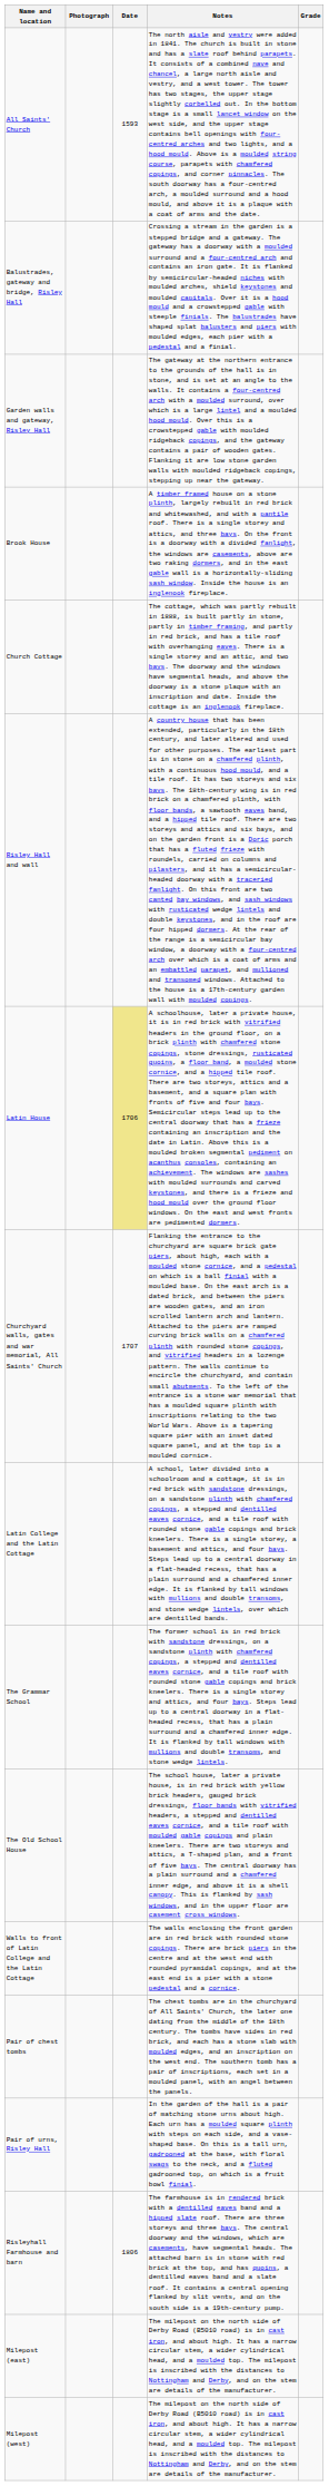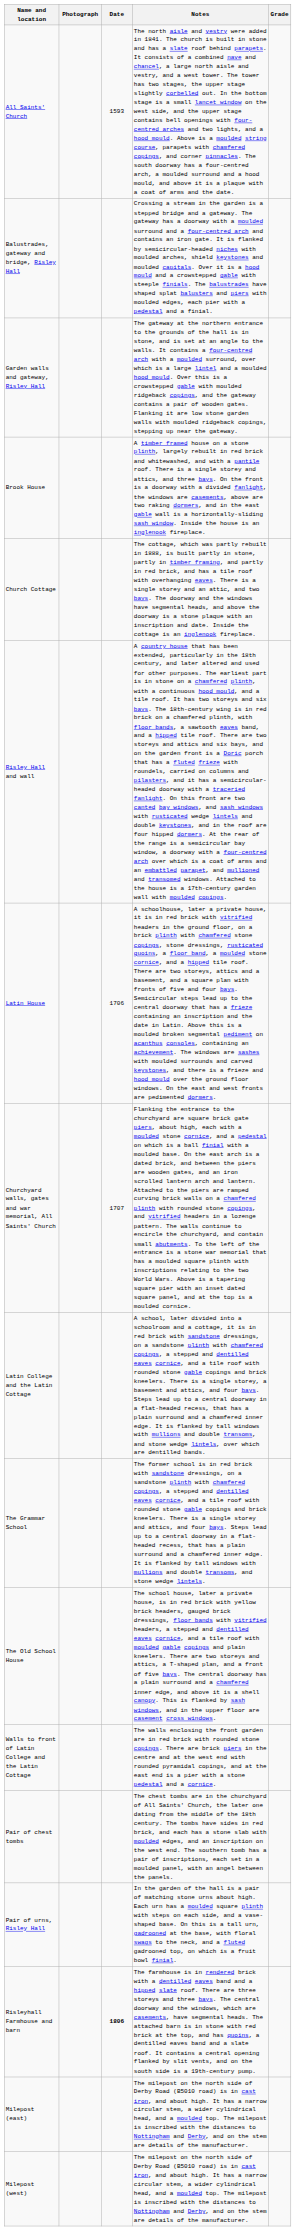 <table class="wikitable sortable plainrowheaders" style="width:100%; border:0; text-align:left; line-height:150%;">
 <tr>
 <th scope="col"  style="width:150px">Name and location</th>
 <th scope="col"  style="width:100px" class="unsortable">Photograph</th>
 <th scope="col"  style="width:120px">Date</th>
 <th scope="col"  style="width:650px" class="unsortable">Notes</th>
 <th scope="col"  style="width:50px">Grade</th>
 </tr>
 <tr>
 <td><a href='#'>All Saints' Church</a><br><small></small></td>
 <td></td>
 <td align="center">1593</td>
 <td>The north <a href='#'>aisle</a> and <a href='#'>vestry</a> were added in 1841.  The church is built in stone and has a <a href='#'>slate</a> roof behind <a href='#'>parapets</a>.  It consists of a combined <a href='#'>nave</a> and <a href='#'>chancel</a>, a large north aisle and vestry, and a west tower.  The tower has two stages, the upper stage slightly <a href='#'>corbelled</a> out.  In the bottom stage is a small <a href='#'>lancet window</a> on the west side, and the upper stage contains bell openings with <a href='#'>four-centred arches</a> and two lights, and a <a href='#'>hood mould</a>.  Above is a <a href='#'>moulded</a> <a href='#'>string course</a>, parapets with <a href='#'>chamfered</a> <a href='#'>copings</a>, and corner <a href='#'>pinnacles</a>.  The south doorway has a four-centred arch, a moulded surround and a hood mould, and above it is a plaque with a coat of arms and the date.</td>
 <td align="center" ></td>
 </tr>
 <tr>
 <td>Balustrades, gateway and bridge, <a href='#'>Risley Hall</a><br><small></small></td>
 <td></td>
 <td align="center"></td>
 <td>Crossing a stream in the garden is a stepped bridge and a gateway.  The gateway has a doorway with a <a href='#'>moulded</a> surround and a <a href='#'>four-centred arch</a> and contains an iron gate.  It is flanked by semicircular-headed <a href='#'>niches</a> with moulded arches, shield <a href='#'>keystones</a> and moulded <a href='#'>capitals</a>.  Over it is a <a href='#'>hood mould</a> and a crowstepped <a href='#'>gable</a> with steeple <a href='#'>finials</a>.  The <a href='#'>balustrades</a> have shaped splat <a href='#'>balusters</a> and <a href='#'>piers</a> with moulded edges, each pier with a <a href='#'>pedestal</a> and a finial.</td>
 <td align="center" ></td>
 </tr>
 <tr>
 <td>Garden walls and gateway, <a href='#'>Risley Hall</a><br><small></small></td>
 <td></td>
 <td align="center"></td>
 <td>The gateway at the northern entrance to the grounds of the hall is in stone, and is set at an angle to the walls.  It contains a <a href='#'>four-centred arch</a> with a <a href='#'>moulded</a> surround, over which is a large <a href='#'>lintel</a> and a moulded <a href='#'>hood mould</a>.  Over this is a crowstepped <a href='#'>gable</a> with moulded ridgeback <a href='#'>copings</a>, and the gateway contains a pair of wooden gates.  Flanking it are low stone garden walls with moulded ridgeback copings, stepping up near the gateway.</td>
 <td align="center" ></td>
 </tr>
 <tr>
 <td>Brook House<br><small></small></td>
 <td></td>
 <td align="center"></td>
 <td>A <a href='#'>timber framed</a> house on a stone <a href='#'>plinth</a>, largely rebuilt in red brick and whitewashed, and with a <a href='#'>pantile</a> roof.  There is a single storey and attics, and three <a href='#'>bays</a>.  On the front is a doorway with a divided <a href='#'>fanlight</a>, the windows are <a href='#'>casements</a>, above are two raking <a href='#'>dormers</a>, and in the east <a href='#'>gable</a> wall is a horizontally-sliding <a href='#'>sash window</a>.  Inside the house is an <a href='#'>inglenook</a> fireplace.</td>
 <td align="center" ></td>
 </tr>
 <tr>
 <td>Church Cottage<br><small></small></td>
 <td></td>
 <td align="center"></td>
 <td>The cottage, which was partly rebuilt in 1888, is built partly in stone, partly in <a href='#'>timber framing</a>, and partly in red brick, and has a tile roof with overhanging <a href='#'>eaves</a>.  There is a single storey and an attic, and two <a href='#'>bays</a>.  The doorway and the windows have segmental heads, and above the doorway is a stone plaque with an inscription and date.  Inside the cottage is an <a href='#'>inglenook</a> fireplace.</td>
 <td align="center" ></td>
 </tr>
 <tr>
 <td><a href='#'>Risley Hall</a> and wall<br><small></small></td>
 <td></td>
 <td align="center"></td>
 <td>A <a href='#'>country house</a> that has been extended, particularly in the 18th century, and later altered and used for other purposes.  The earliest part is in stone on a <a href='#'>chamfered</a> <a href='#'>plinth</a>, with a continuous <a href='#'>hood mould</a>, and a tile roof.  It has two storeys and six <a href='#'>bays</a>.  The 18th-century wing is in red brick on a chamfered plinth, with <a href='#'>floor bands</a>, a sawtooth <a href='#'>eaves</a> band, and a <a href='#'>hipped</a> tile roof.  There are two storeys and attics and six bays, and on the garden front is a <a href='#'>Doric</a> porch that has a <a href='#'>fluted</a> <a href='#'>frieze</a> with roundels, carried on columns and <a href='#'>pilasters</a>, and it has a semicircular-headed doorway with a <a href='#'>traceried</a> <a href='#'>fanlight</a>.  On this front are two <a href='#'>canted</a> <a href='#'>bay windows</a>, and <a href='#'>sash windows</a> with <a href='#'>rusticated</a> wedge <a href='#'>lintels</a> and double <a href='#'>keystones</a>, and in the roof are four hipped <a href='#'>dormers</a>.  At the rear of the range is a semicircular bay window, a doorway with a <a href='#'>four-centred arch</a> over which is a coat of arms and an <a href='#'>embattled</a> <a href='#'>parapet</a>, and <a href='#'>mullioned</a> and <a href='#'>transomed</a> windows.  Attached to the house is a 17th-century garden wall with <a href='#'>moulded</a> <a href='#'>copings</a>.</td>
 <td align="center" ></td>
 </tr>
 <tr>
 <td><a href='#'>Latin House</a><br><small></small></td>
 <td></td>
-<td align="center" style="background: khaki;">1706</td>
+<td align="center">1706</td>
 <td>A schoolhouse, later a private house, it is in red brick with <a href='#'>vitrified</a> headers  in the ground floor, on a brick <a href='#'>plinth</a> with <a href='#'>chamfered</a> stone <a href='#'>copings</a>, stone dressings, <a href='#'>rusticated</a> <a href='#'>quoins</a>, a <a href='#'>floor band</a>, a <a href='#'>moulded</a> stone <a href='#'>cornice</a>, and a <a href='#'>hipped</a> tile roof.  There are two storeys, attics and a basement, and a square plan with fronts of five and four <a href='#'>bays</a>.  Semicircular steps lead up to the central doorway that has a <a href='#'>frieze</a> containing an inscription and the date in Latin.  Above this is a moulded broken segmental <a href='#'>pediment</a> on <a href='#'>acanthus</a> <a href='#'>consoles</a>, containing an <a href='#'>achievement</a>.  The windows are <a href='#'>sashes</a> with moulded surrounds and carved <a href='#'>keystones</a>, and there is a frieze and <a href='#'>hood mould</a> over the ground floor windows.  On the east and west fronts are pedimented <a href='#'>dormers</a>.</td>
 <td align="center" ></td>
 </tr>
 <tr>
 <td>Churchyard walls, gates and war memorial, All Saints' Church<br><small></small></td>
 <td></td>
 <td align="center">1707</td>
 <td>Flanking the entrance to the churchyard are square brick gate <a href='#'>piers</a>, about  high, each with a <a href='#'>moulded</a> stone <a href='#'>cornice</a>, and a <a href='#'>pedestal</a> on which is a ball <a href='#'>finial</a> with a moulded base.  On the east arch is a dated brick, and between the piers are wooden gates, and an iron scrolled lantern arch and lantern.  Attached to the piers are ramped curving brick walls on a <a href='#'>chamfered</a> <a href='#'>plinth</a> with rounded stone <a href='#'>copings</a>, and <a href='#'>vitrified</a> headers in a lozenge pattern.  The walls continue to encircle the churchyard, and contain small <a href='#'>abutments</a>.  To the left of the entrance is a stone war memorial that has a moulded square plinth with inscriptions relating to the two World Wars.  Above is a tapering square pier with an inset dated square panel, and at the top is a moulded cornice.</td>
 <td align="center" ></td>
 </tr>
 <tr>
 <td>Latin College and the Latin Cottage<br><small></small></td>
 <td></td>
 <td align="center"></td>
 <td>A school, later divided into a schoolroom and a cottage, it is in red brick with <a href='#'>sandstone</a> dressings, on a sandstone <a href='#'>plinth</a> with <a href='#'>chamfered</a> <a href='#'>copings</a>, a stepped and <a href='#'>dentilled</a> <a href='#'>eaves</a> <a href='#'>cornice</a>, and a tile roof with rounded stone <a href='#'>gable</a> copings and brick kneelers.  There is a single storey, a basement and attics, and four <a href='#'>bays</a>.  Steps lead up to a central doorway in a flat-headed recess, that has a plain surround and a chamfered inner edge.  It is flanked by tall windows with <a href='#'>mullions</a> and double <a href='#'>transoms</a>, and stone wedge <a href='#'>lintels</a>, over which are dentilled bands.</td>
 <td align="center" ></td>
 </tr>
 <tr>
 <td>The Grammar School<br><small></small></td>
 <td></td>
 <td align="center"></td>
 <td>The former school is in red brick with <a href='#'>sandstone</a> dressings, on a sandstone <a href='#'>plinth</a> with <a href='#'>chamfered</a> <a href='#'>copings</a>, a stepped and <a href='#'>dentilled</a> <a href='#'>eaves</a> <a href='#'>cornice</a>, and a tile roof with rounded stone <a href='#'>gable</a> copings and brick kneelers.  There is a single storey and attics, and four <a href='#'>bays</a>.   Steps lead up to a central doorway in a flat-headed recess, that has a plain surround and a chamfered inner edge. It is flanked by tall windows with <a href='#'>mullions</a> and double <a href='#'>transoms</a>, and stone wedge <a href='#'>lintels</a>.</td>
 <td align="center" ></td>
 </tr>
 <tr>
 <td>The Old School House<br><small></small></td>
 <td></td>
 <td align="center"></td>
 <td>The school house, later a private house, is in red brick with yellow brick headers, gauged brick dressings, <a href='#'>floor bands</a> with <a href='#'>vitrified</a> headers, a stepped and <a href='#'>dentilled</a> <a href='#'>eaves</a> <a href='#'>cornice</a>, and a tile roof with <a href='#'>moulded</a> <a href='#'>gable</a> <a href='#'>copings</a> and plain kneelers.  There are two storeys and attics, a T-shaped plan, and a front of five <a href='#'>bays</a>.  The central doorway has a plain surround and a <a href='#'>chamfered</a> inner edge, and above it is a shell <a href='#'>canopy</a>.  This is flanked by <a href='#'>sash windows</a>, and in the upper floor are <a href='#'>casement</a> <a href='#'>cross windows</a>.</td>
 <td align="center" ></td>
 </tr>
 <tr>
 <td>Walls to front of Latin College and the Latin Cottage<br><small></small></td>
 <td></td>
 <td align="center"></td>
 <td>The walls enclosing the front garden are in red brick with rounded stone <a href='#'>copings</a>.  There are brick <a href='#'>piers</a> in the centre and at the west end with rounded pyramidal copings, and at the east end is a pier with a stone <a href='#'>pedestal</a> and a <a href='#'>cornice</a>.</td>
 <td align="center" ></td>
 </tr>
 <tr>
 <td>Pair of chest tombs<br><small></small></td>
 <td></td>
 <td align="center"></td>
 <td>The chest tombs are in the churchyard of All Saints' Church, the later one dating from the middle of the 18th century.  The tombs have sides in red brick, and each has a stone slab with <a href='#'>moulded</a> edges, and an inscription on the west end.  The southern tomb has a pair of inscriptions, each set in a moulded panel, with an angel between the panels.</td>
 <td align="center" ></td>
 </tr>
 <tr>
 <td>Pair of urns, <a href='#'>Risley Hall</a><br><small></small></td>
 <td></td>
 <td align="center"></td>
 <td>In the garden of the hall is a pair of matching stone urns about  high.  Each urn has a <a href='#'>moulded</a> square <a href='#'>plinth</a> with steps on each side, and a vase-shaped base.  On this is a tall urn, <a href='#'>gadrooned</a> at the base, with floral <a href='#'>swags</a> to the neck, and a <a href='#'>fluted</a> gadrooned top, on which is a fruit bowl <a href='#'>finial</a>.</td>
 <td align="center" ></td>
 </tr>
 <tr>
 <td>Risleyhall Farmhouse and barn<br><small></small></td>
 <td></td>
-<td align="center">1806</td>
+<td align="center"><strong>1806</strong></td>
 <td>The farmhouse is in <a href='#'>rendered</a> brick with a <a href='#'>dentilled</a> <a href='#'>eaves</a> band and a <a href='#'>hipped</a> <a href='#'>slate</a> roof.  There are three storeys and three <a href='#'>bays</a>.  The central doorway and the windows, which are <a href='#'>casements</a>, have segmental heads. The attached barn is in stone with red brick at the top, and has <a href='#'>quoins</a>, a dentilled eaves band and a slate roof.  It contains a central opening flanked by slit vents, and on the south side is a 19th-century pump.</td>
 <td align="center" ></td>
 </tr>
 <tr>
 <td>Milepost (east)<br><small></small></td>
 <td></td>
 <td align="center"></td>
 <td>The milepost on the north side of Derby Road (B5010 road) is in <a href='#'>cast iron</a>, and about  high. It has a narrow circular stem, a wider cylindrical head, and a <a href='#'>moulded</a> top.  The milepost is inscribed with the distances to <a href='#'>Nottingham</a> and <a href='#'>Derby</a>, and on the stem are details of the manufacturer.</td>
 <td align="center" ></td>
 </tr>
 <tr>
 <td>Milepost (west)<br><small></small></td>
 <td></td>
 <td align="center"></td>
 <td>The milepost on the north side of Derby Road (B5010 road) is in <a href='#'>cast iron</a>, and about  high. It has a narrow circular stem, a wider cylindrical head, and a <a href='#'>moulded</a> top.  The milepost is inscribed with the distances to <a href='#'>Nottingham</a> and <a href='#'>Derby</a>, and on the stem are details of the manufacturer.</td>
 <td align="center" ></td>
 </tr>
 <tr>
 </tr>
 </table>
